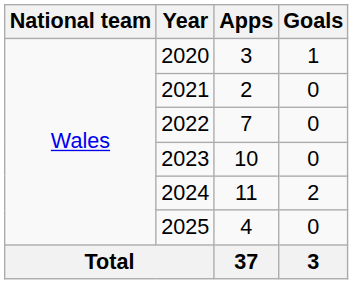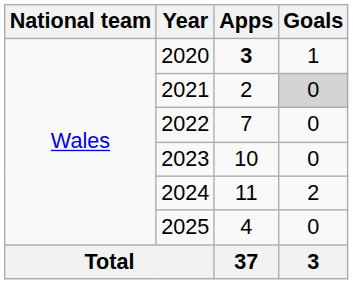 <table class="wikitable" style="text-align:center">
 <tr>
 <th>National team</th>
 <th>Year</th>
 <th>Apps</th>
 <th>Goals</th>
 </tr>
 <tr>
 <td rowspan="6"><a href='#'>Wales</a></td>
 <td>2020</td>
-<td>3</td>
+<td><strong>3</strong></td>
 <td>1</td>
 </tr>
 <tr>
 <td>2021</td>
 <td>2</td>
-<td>0</td>
+<td style="background: lightgrey;">0</td>
 </tr>
 <tr>
 <td>2022</td>
 <td>7</td>
 <td>0</td>
 </tr>
 <tr>
 <td>2023</td>
 <td>10</td>
 <td>0</td>
 </tr>
 <tr>
 <td>2024</td>
 <td>11</td>
 <td>2</td>
 </tr>
 <tr>
 <td>2025</td>
 <td>4</td>
 <td>0</td>
 </tr>
 <tr>
 <th colspan="2">Total</th>
 <th>37</th>
 <th>3</th>
 </tr>
 </table>
